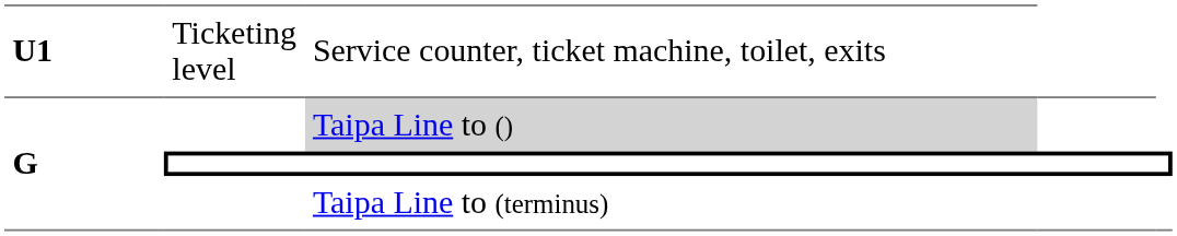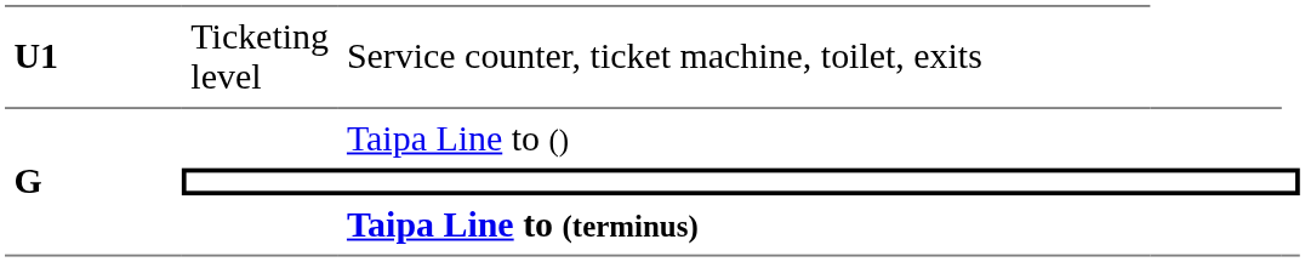 <table border=0 cellspacing=0 cellpadding=4>
 <tr>
 <td style="border-top:solid 1px gray;"><strong>U1</strong></td>
 <td style="border-top:solid 1px gray;">Ticketing level</td>
 <td style="border-top:solid 1px gray;">Service counter, ticket machine, toilet, exits</td>
 </tr>
 <tr>
 <td style="border-top:solid 1px gray;border-bottom:solid 1px gray;" width=70 rowspan="4"><strong>G</strong></td>
 <td style="border-top:solid 1px gray;" width=50></td>
-<td style="background: lightgrey; border-top:solid 1px gray;" width=350> <a href='#'>Taipa Line</a> to  <small>()</small></td>
+<td style="border-top:solid 1px gray;" width=350> <a href='#'>Taipa Line</a> to  <small>()</small></td>
 <td style="border-top:solid 1px gray;" width=50></td>
 </tr>
 <tr>
 <td style="border-right:solid 2px black;border-left:solid 2px black;border-bottom:solid 2px black; border-top:solid 2px black;" colspan=4></td>
 </tr>
 <tr>
 <td style="border-bottom:solid 1px gray;"></td>
-<td style="border-bottom:solid 1px gray;"> <a href='#'>Taipa Line</a> to  <small>(terminus)</small></td>
+<td style="border-bottom:solid 1px gray;"><strong> <a href='#'>Taipa Line</a> to  <small>(terminus)</small></strong></td>
 <td style="border-bottom:solid 1px gray;"></td>
 <td style="border-bottom:solid 1px gray;"></td>
 </tr>
 <tr>
 </tr>
 </table>
